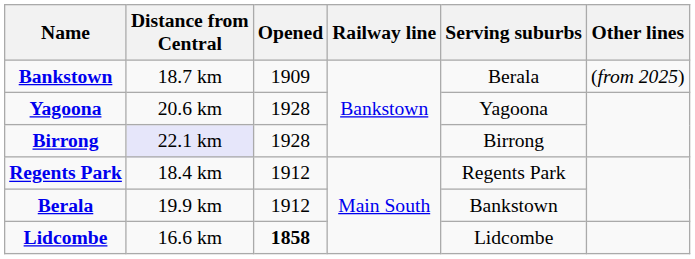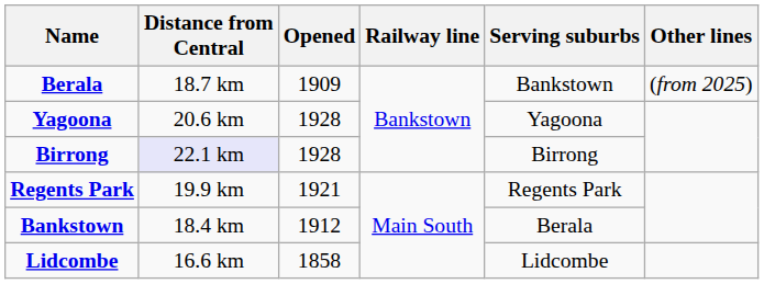 <table class="wikitable" style="font-size:95%; text-align:center;">
 <tr>
 <th>Name</th>
 <th>Distance from<br>Central</th>
 <th>Opened</th>
 <th>Railway line</th>
 <th>Serving suburbs</th>
 <th>Other lines</th>
 </tr>
 <tr>
-<td><strong><a href='#'>Bankstown</a></strong></td>
+<td><strong><a href='#'>Berala</a></strong></td>
 <td>18.7 km</td>
 <td>1909</td>
 <td rowspan="3"><a href='#'>Bankstown</a></td>
-<td>Berala</td>
+<td>Bankstown</td>
 <td> (<em>from 2025</em>)</td>
 </tr>
 <tr>
 <td><strong><a href='#'>Yagoona</a></strong></td>
 <td>20.6 km</td>
 <td>1928</td>
 <td>Yagoona</td>
 <td rowspan="2"></td>
 </tr>
 <tr>
 <td><strong><a href='#'>Birrong</a></strong></td>
 <td style="background: lavender;">22.1 km</td>
 <td>1928</td>
 <td>Birrong</td>
 </tr>
 <tr>
 <td><strong><a href='#'>Regents Park</a></strong></td>
-<td>18.4 km</td>
-<td>1912</td>
+<td>19.9 km</td>
+<td>1921</td>
 <td rowspan="3"><a href='#'>Main South</a></td>
 <td>Regents Park</td>
 <td rowspan="2"></td>
 </tr>
 <tr>
-<td><strong><a href='#'>Berala</a></strong></td>
-<td>19.9 km</td>
+<td><strong><a href='#'>Bankstown</a></strong></td>
+<td>18.4 km</td>
 <td>1912</td>
-<td>Bankstown</td>
+<td>Berala</td>
 </tr>
 <tr>
 <td><strong><a href='#'>Lidcombe</a> </strong></td>
 <td>16.6 km</td>
-<td><strong>1858</strong></td>
+<td>1858</td>
 <td>Lidcombe</td>
 <td></td>
 </tr>
 </table>
